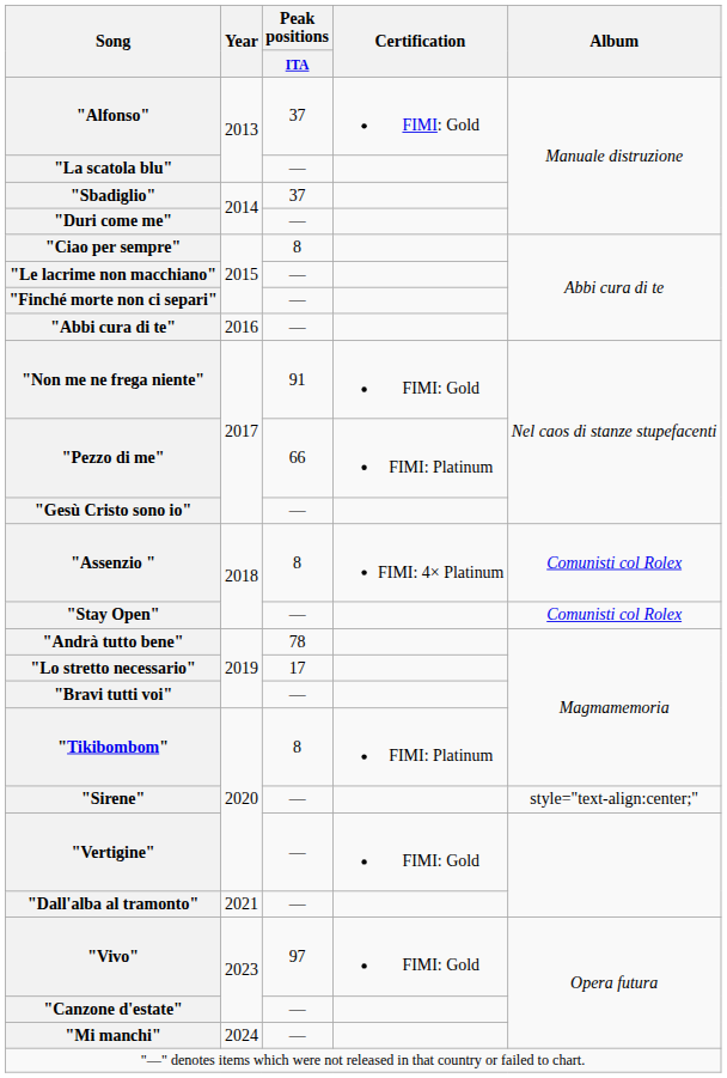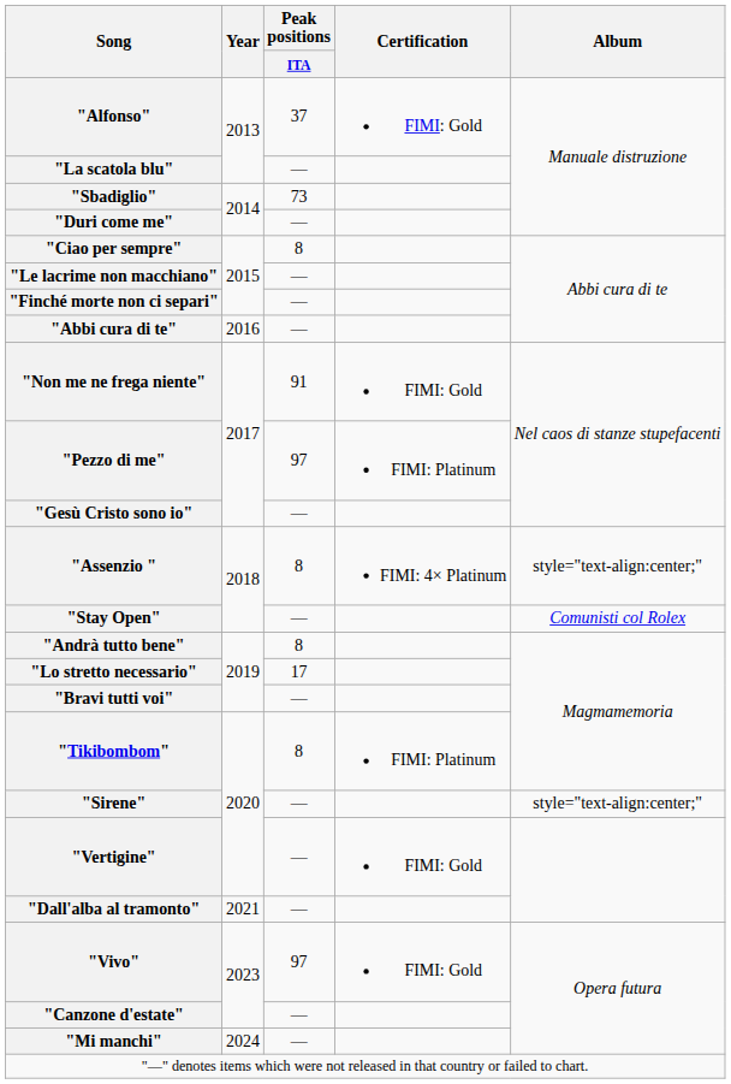 <table class="wikitable plainrowheaders"  style="text-align:center;">
 <tr>
 <th rowspan="2">Song</th>
 <th rowspan="2">Year</th>
 <th colspan="1">Peak positions</th>
 <th rowspan="2">Certification</th>
 <th rowspan="2">Album</th>
 </tr>
 <tr>
 <th width="35"><small><a href='#'>ITA</a></small><br></th>
 </tr>
 <tr>
 <th scope="row">"Alfonso"</th>
 <td rowspan="2">2013</td>
 <td>37</td>
 <td><br><ul><li><a href='#'>FIMI</a>: Gold</li></ul></td>
 <td rowspan="4" style="text-align:center;"><em>Manuale distruzione</em></td>
 </tr>
 <tr>
 <th scope="row">"La scatola blu"</th>
 <td>—</td>
 <td></td>
 </tr>
 <tr>
 <th scope="row">"Sbadiglio"</th>
 <td rowspan="2">2014</td>
-<td>37</td>
+<td>73</td>
 <td></td>
 </tr>
 <tr>
 <th scope="row">"Duri come me"</th>
 <td>—</td>
 <td></td>
 </tr>
 <tr>
 <th scope="row">"Ciao per sempre"</th>
 <td rowspan="3">2015</td>
 <td>8</td>
 <td></td>
 <td rowspan="4" style="text-align:center;"><em>Abbi cura di te</em></td>
 </tr>
 <tr>
 <th scope="row">"Le lacrime non macchiano"</th>
 <td>—</td>
 <td></td>
 </tr>
 <tr>
 <th scope="row">"Finché morte non ci separi"</th>
 <td>—</td>
 <td></td>
 </tr>
 <tr>
 <th scope="row">"Abbi cura di te"</th>
 <td>2016</td>
 <td>—</td>
 <td></td>
 </tr>
 <tr>
 <th scope="row">"Non me ne frega niente"</th>
 <td rowspan="3">2017</td>
 <td>91</td>
 <td><br><ul><li>FIMI: Gold</li></ul></td>
 <td rowspan="3" style="text-align:center;"><em>Nel caos di stanze stupefacenti</em></td>
 </tr>
 <tr>
 <th scope="row">"Pezzo di me" <br></th>
-<td>66</td>
+<td>97</td>
 <td><br><ul><li>FIMI: Platinum</li></ul></td>
 </tr>
 <tr>
 <th scope="row">"Gesù Cristo sono io"</th>
 <td>—</td>
 <td></td>
 </tr>
 <tr>
 <th scope="row">"Assenzio "<br></th>
 <td rowspan="2">2018</td>
 <td>8</td>
 <td><br><ul><li>FIMI: 4× Platinum</li></ul></td>
-<td style="text-align:center;"><em><a href='#'>Comunisti col Rolex</a></em> <br></td>
+<td>style="text-align:center;" </td>
 </tr>
 <tr>
 <th scope="row">"Stay Open"<br></th>
 <td>—</td>
 <td></td>
 <td style="text-align:center;"><em><a href='#'>Comunisti col Rolex</a></em> <br></td>
 </tr>
 <tr>
 <th scope="row">"Andrà tutto bene"</th>
 <td rowspan="3">2019</td>
-<td>78</td>
+<td>8</td>
 <td></td>
 <td rowspan="4" style="text-align:center;"><em>Magmamemoria</em></td>
 </tr>
 <tr>
 <th scope="row">"Lo stretto necessario" <br></th>
 <td>17</td>
 <td></td>
 </tr>
 <tr>
 <th scope="row">"Bravi tutti voi"</th>
 <td>—</td>
 <td></td>
 </tr>
 <tr>
 <th scope="row">"<a href='#'>Tikibombom</a>"</th>
 <td rowspan="3">2020</td>
 <td>8</td>
 <td><br><ul><li>FIMI: Platinum</li></ul></td>
 </tr>
 <tr>
 <th scope="row">"Sirene"</th>
 <td>—</td>
 <td></td>
 <td>style="text-align:center;" </td>
 </tr>
 <tr>
 <th scope="row">"Vertigine"<br></th>
 <td>—</td>
 <td><br><ul><li>FIMI: Gold</li></ul></td>
 </tr>
 <tr>
 <th scope="row">"Dall'alba al tramonto"</th>
 <td>2021</td>
 <td>—</td>
 <td></td>
 </tr>
 <tr>
 <th scope="row">"Vivo"</th>
 <td rowspan="2">2023</td>
 <td>97</td>
 <td><br><ul><li>FIMI: Gold</li></ul></td>
 <td rowspan="3"><em>Opera futura</em></td>
 </tr>
 <tr>
 <th scope="row">"Canzone d'estate"</th>
 <td>—</td>
 <td></td>
 </tr>
 <tr>
 <th scope="row">"Mi manchi"</th>
 <td>2024</td>
 <td>—</td>
 <td></td>
 </tr>
 <tr>
 <td colspan="5" style="font-size:87%">"—" denotes items which were not released in that country or failed to chart.</td>
 </tr>
 </table>
